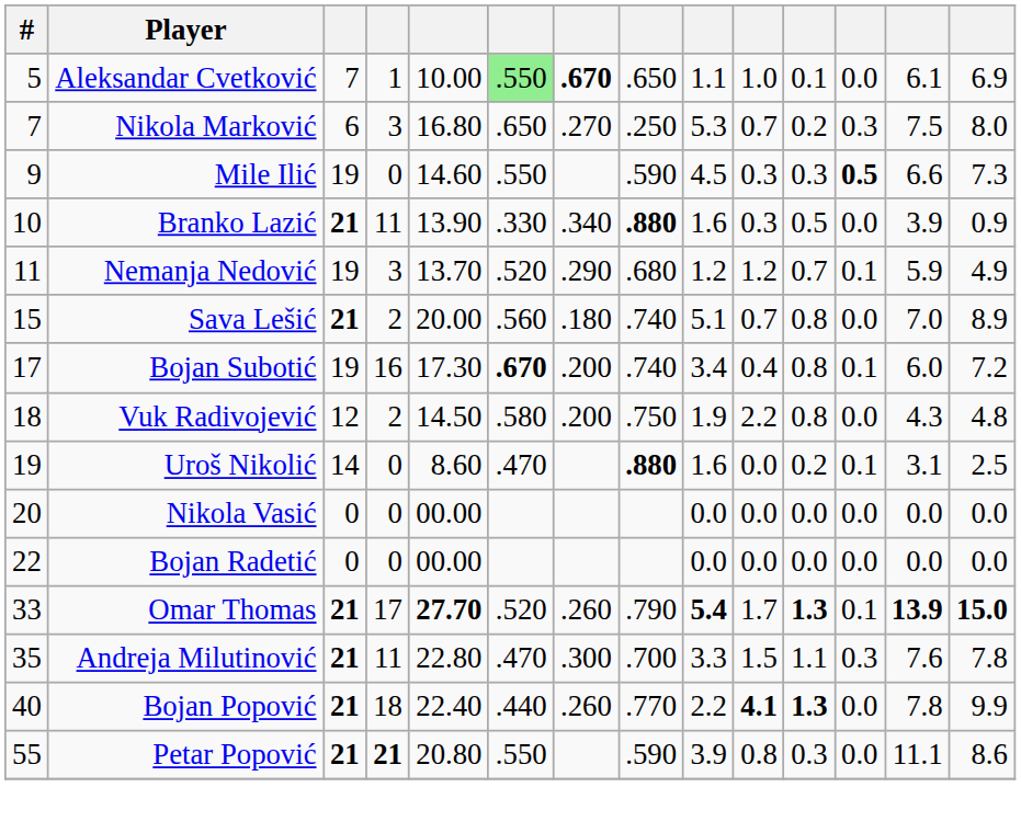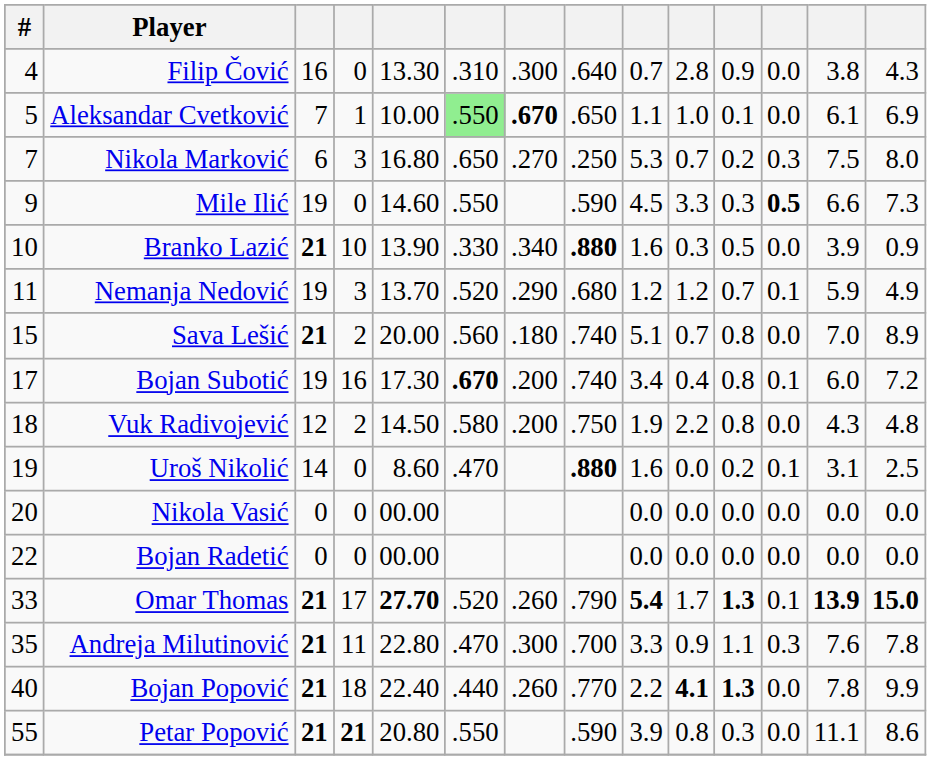 <table class="wikitable sortable" style="font-size:95%; text-align:right;">
 <tr>
 <th>#</th>
 <th>Player</th>
 <th></th>
 <th></th>
 <th></th>
 <th></th>
 <th></th>
 <th></th>
 <th></th>
 <th></th>
 <th></th>
 <th></th>
 <th></th>
 <th></th>
+</tr>
+<tr>
+<td>4</td>
+<td> <a href='#'>Filip Čović</a></td>
+<td>16</td>
+<td>0</td>
+<td>13.30</td>
+<td>.310</td>
+<td>.300</td>
+<td>.640</td>
+<td>0.7</td>
+<td>2.8</td>
+<td>0.9</td>
+<td>0.0</td>
+<td>3.8</td>
+<td>4.3</td>
 </tr>
 <tr>
 <td>5</td>
 <td> <a href='#'>Aleksandar Cvetković</a></td>
 <td>7</td>
 <td>1</td>
 <td>10.00</td>
 <td style="background: lightgreen;">.550</td>
 <td><strong>.670</strong></td>
 <td>.650</td>
 <td>1.1</td>
 <td>1.0</td>
 <td>0.1</td>
 <td>0.0</td>
 <td>6.1</td>
 <td>6.9</td>
 </tr>
 <tr>
 <td>7</td>
 <td> <a href='#'>Nikola Marković</a></td>
 <td>6</td>
 <td>3</td>
 <td>16.80</td>
 <td>.650</td>
 <td>.270</td>
 <td>.250</td>
 <td>5.3</td>
 <td>0.7</td>
 <td>0.2</td>
 <td>0.3</td>
 <td>7.5</td>
 <td>8.0</td>
 </tr>
 <tr>
 <td>9</td>
 <td> <a href='#'>Mile Ilić</a></td>
 <td>19</td>
 <td>0</td>
 <td>14.60</td>
 <td>.550</td>
 <td></td>
 <td>.590</td>
 <td>4.5</td>
-<td>0.3</td>
+<td>3.3</td>
 <td>0.3</td>
 <td><strong>0.5</strong></td>
 <td>6.6</td>
 <td>7.3</td>
 </tr>
 <tr>
 <td>10</td>
 <td> <a href='#'>Branko Lazić</a></td>
 <td><strong>21</strong></td>
-<td>11</td>
+<td>10</td>
 <td>13.90</td>
 <td>.330</td>
 <td>.340</td>
 <td><strong>.880</strong></td>
 <td>1.6</td>
 <td>0.3</td>
 <td>0.5</td>
 <td>0.0</td>
 <td>3.9</td>
 <td>0.9</td>
 </tr>
 <tr>
 <td>11</td>
 <td> <a href='#'>Nemanja Nedović</a></td>
 <td>19</td>
 <td>3</td>
 <td>13.70</td>
 <td>.520</td>
 <td>.290</td>
 <td>.680</td>
 <td>1.2</td>
 <td>1.2</td>
 <td>0.7</td>
 <td>0.1</td>
 <td>5.9</td>
 <td>4.9</td>
 </tr>
 <tr>
 <td>15</td>
 <td> <a href='#'>Sava Lešić</a></td>
 <td><strong>21</strong></td>
 <td>2</td>
 <td>20.00</td>
 <td>.560</td>
 <td>.180</td>
 <td>.740</td>
 <td>5.1</td>
 <td>0.7</td>
 <td>0.8</td>
 <td>0.0</td>
 <td>7.0</td>
 <td>8.9</td>
 </tr>
 <tr>
 <td>17</td>
 <td> <a href='#'>Bojan Subotić</a></td>
 <td>19</td>
 <td>16</td>
 <td>17.30</td>
 <td><strong>.670</strong></td>
 <td>.200</td>
 <td>.740</td>
 <td>3.4</td>
 <td>0.4</td>
 <td>0.8</td>
 <td>0.1</td>
 <td>6.0</td>
 <td>7.2</td>
 </tr>
 <tr>
 <td>18</td>
 <td> <a href='#'>Vuk Radivojević</a></td>
 <td>12</td>
 <td>2</td>
 <td>14.50</td>
 <td>.580</td>
 <td>.200</td>
 <td>.750</td>
 <td>1.9</td>
 <td>2.2</td>
 <td>0.8</td>
 <td>0.0</td>
 <td>4.3</td>
 <td>4.8</td>
 </tr>
 <tr>
 <td>19</td>
 <td> <a href='#'>Uroš Nikolić</a></td>
 <td>14</td>
 <td>0</td>
 <td>8.60</td>
 <td>.470</td>
 <td></td>
 <td><strong>.880</strong></td>
 <td>1.6</td>
 <td>0.0</td>
 <td>0.2</td>
 <td>0.1</td>
 <td>3.1</td>
 <td>2.5</td>
 </tr>
 <tr>
 <td>20</td>
 <td> <a href='#'>Nikola Vasić</a></td>
 <td>0</td>
 <td>0</td>
 <td>00.00</td>
 <td></td>
 <td></td>
 <td></td>
 <td>0.0</td>
 <td>0.0</td>
 <td>0.0</td>
 <td>0.0</td>
 <td>0.0</td>
 <td>0.0</td>
 </tr>
 <tr>
 <td>22</td>
 <td> <a href='#'>Bojan Radetić</a></td>
 <td>0</td>
 <td>0</td>
 <td>00.00</td>
 <td></td>
 <td></td>
 <td></td>
 <td>0.0</td>
 <td>0.0</td>
 <td>0.0</td>
 <td>0.0</td>
 <td>0.0</td>
 <td>0.0</td>
 </tr>
 <tr>
 <td>33</td>
 <td> <a href='#'>Omar Thomas</a></td>
 <td><strong>21</strong></td>
 <td>17</td>
 <td><strong>27.70</strong></td>
 <td>.520</td>
 <td>.260</td>
 <td>.790</td>
 <td><strong>5.4</strong></td>
 <td>1.7</td>
 <td><strong>1.3</strong></td>
 <td>0.1</td>
 <td><strong>13.9</strong></td>
 <td><strong>15.0</strong></td>
 </tr>
 <tr>
 <td>35</td>
 <td> <a href='#'>Andreja Milutinović</a></td>
 <td><strong>21</strong></td>
 <td>11</td>
 <td>22.80</td>
 <td>.470</td>
 <td>.300</td>
 <td>.700</td>
 <td>3.3</td>
-<td>1.5</td>
+<td>0.9</td>
 <td>1.1</td>
 <td>0.3</td>
 <td>7.6</td>
 <td>7.8</td>
 </tr>
 <tr>
 <td>40</td>
 <td> <a href='#'>Bojan Popović</a></td>
 <td><strong>21</strong></td>
 <td>18</td>
 <td>22.40</td>
 <td>.440</td>
 <td>.260</td>
 <td>.770</td>
 <td>2.2</td>
 <td><strong>4.1</strong></td>
 <td><strong>1.3</strong></td>
 <td>0.0</td>
 <td>7.8</td>
 <td>9.9</td>
 </tr>
 <tr>
 <td>55</td>
 <td> <a href='#'>Petar Popović</a></td>
 <td><strong>21</strong></td>
 <td><strong>21</strong></td>
 <td>20.80</td>
 <td>.550</td>
 <td></td>
 <td>.590</td>
 <td>3.9</td>
 <td>0.8</td>
 <td>0.3</td>
 <td>0.0</td>
 <td>11.1</td>
 <td>8.6</td>
 </tr>
 <tr>
 </tr>
 </table>
